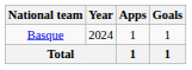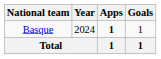 <table class=wikitable style=text-align:center>
 <tr>
 <th>National team</th>
 <th>Year</th>
 <th>Apps</th>
 <th>Goals</th>
 </tr>
 <tr>
 <td><a href='#'>Basque</a></td>
 <td>2024</td>
-<td>1</td>
+<td><strong>1</strong></td>
 <td>1</td>
 </tr>
 <tr>
 <th colspan="2">Total</th>
 <th>1</th>
 <th>1</th>
 </tr>
 </table>
